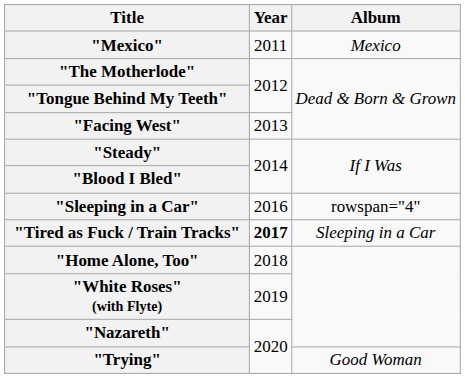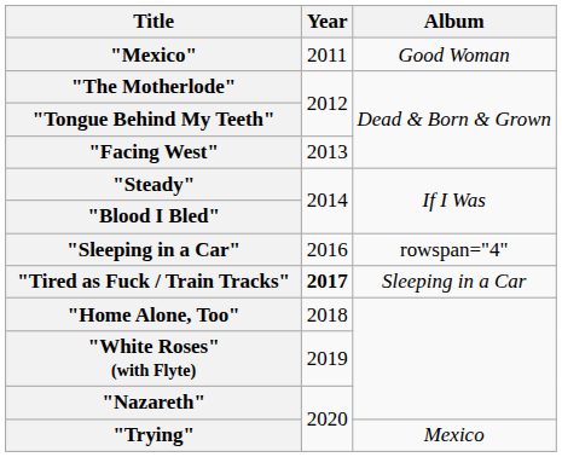 <table class="wikitable plainrowheaders" style="text-align:center;">
 <tr>
 <th scope="col" style="width:14em;">Title</th>
 <th scope="col" style="width:1em;">Year</th>
 <th scope="col">Album</th>
 </tr>
 <tr>
 <th scope="row">"Mexico"</th>
 <td>2011</td>
-<td><em>Mexico</em></td>
+<td><em>Good Woman</em></td>
 </tr>
 <tr>
 <th scope="row">"The Motherlode"</th>
 <td rowspan="2">2012</td>
 <td rowspan="3"><em>Dead & Born & Grown</em></td>
 </tr>
 <tr>
 <th scope="row">"Tongue Behind My Teeth"</th>
 </tr>
 <tr>
 <th scope="row">"Facing West"</th>
 <td>2013</td>
 </tr>
 <tr>
 <th scope="row">"Steady"</th>
 <td rowspan="2">2014</td>
 <td rowspan="2"><em>If I Was</em></td>
 </tr>
 <tr>
 <th scope="row">"Blood I Bled"</th>
 </tr>
 <tr>
 <th scope="row">"Sleeping in a Car"</th>
 <td>2016</td>
 <td>rowspan="4" </td>
 </tr>
 <tr>
 <th scope="row">"Tired as Fuck / Train Tracks"</th>
 <td><strong>2017</strong></td>
 <td><em>Sleeping in a Car</em></td>
 </tr>
 <tr>
 <th scope="row">"Home Alone, Too"</th>
 <td>2018</td>
 </tr>
 <tr>
 <th scope="row">"White Roses"<br><small>(with Flyte)</small></th>
 <td>2019</td>
 </tr>
 <tr>
 <th scope="row">"Nazareth"</th>
 <td rowspan="2">2020</td>
 </tr>
 <tr>
 <th scope="row">"Trying"</th>
-<td><em>Good Woman</em></td>
+<td><em>Mexico</em></td>
 </tr>
 </table>
